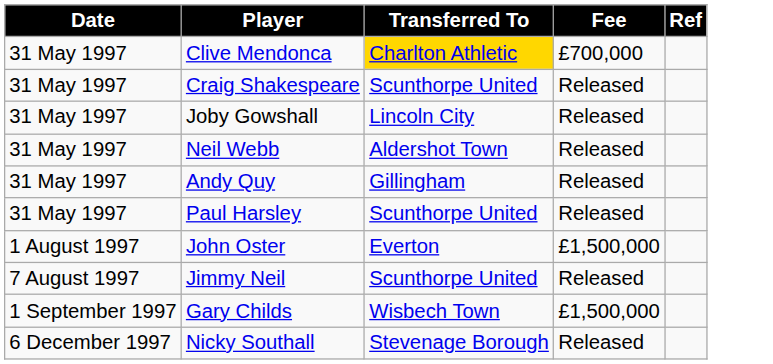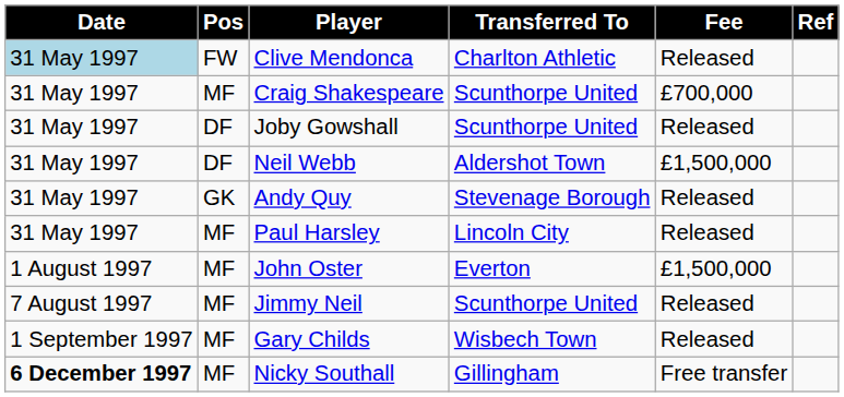 <table class="wikitable plainrowheaders sortable">
 <tr>
 <th style="background:#000000; color:#FFFFFF; ">Date</th>
+<th style="background:#000000; color:#FFFFff; ">Pos</th>
 <th style="background:#000000; color:#FFFFff; ">Player</th>
 <th style="background:#000000; color:#FFFFff; ">Transferred To</th>
 <th style="background:#000000; color:#FFFFff; ">Fee</th>
 <th style="background:#000000; color:#FFFFff; ">Ref</th>
 </tr>
 <tr>
+<td style="background: lightblue;">31 May 1997</td>
+<td>FW</td>
+<td> <a href='#'>Clive Mendonca</a></td>
+<td> <a href='#'>Charlton Athletic</a></td>
+<td>Released</td>
+<td></td>
+</tr>
+<tr>
 <td>31 May 1997</td>
-<td> <a href='#'>Clive Mendonca</a></td>
-<td style="background: gold;"> <a href='#'>Charlton Athletic</a></td>
+<td>MF</td>
+<td> <a href='#'>Craig Shakespeare</a></td>
+<td> <a href='#'>Scunthorpe United</a></td>
 <td>£700,000</td>
 <td></td>
 </tr>
 <tr>
 <td>31 May 1997</td>
-<td> <a href='#'>Craig Shakespeare</a></td>
+<td>DF</td>
+<td> Joby Gowshall</td>
 <td> <a href='#'>Scunthorpe United</a></td>
 <td>Released</td>
 <td></td>
 </tr>
 <tr>
 <td>31 May 1997</td>
-<td> Joby Gowshall</td>
+<td>DF</td>
+<td> <a href='#'>Neil Webb</a></td>
+<td> <a href='#'>Aldershot Town</a></td>
+<td>£1,500,000</td>
+<td></td>
+</tr>
+<tr>
+<td>31 May 1997</td>
+<td>GK</td>
+<td> <a href='#'>Andy Quy</a></td>
+<td> <a href='#'>Stevenage Borough</a></td>
+<td>Released</td>
+<td></td>
+</tr>
+<tr>
+<td>31 May 1997</td>
+<td>MF</td>
+<td> <a href='#'>Paul Harsley</a></td>
 <td> <a href='#'>Lincoln City</a></td>
 <td>Released</td>
 <td></td>
 </tr>
 <tr>
-<td>31 May 1997</td>
-<td> <a href='#'>Neil Webb</a></td>
-<td> <a href='#'>Aldershot Town</a></td>
-<td>Released</td>
-<td></td>
-</tr>
-<tr>
-<td>31 May 1997</td>
-<td> <a href='#'>Andy Quy</a></td>
-<td> <a href='#'>Gillingham</a></td>
-<td>Released</td>
-<td></td>
-</tr>
-<tr>
-<td>31 May 1997</td>
-<td> <a href='#'>Paul Harsley</a></td>
-<td> <a href='#'>Scunthorpe United</a></td>
-<td>Released</td>
-<td></td>
-</tr>
-<tr>
 <td>1 August 1997</td>
+<td>MF</td>
 <td> <a href='#'>John Oster</a></td>
 <td> <a href='#'>Everton</a></td>
 <td>£1,500,000</td>
 <td></td>
 </tr>
 <tr>
 <td>7 August 1997</td>
+<td>MF</td>
 <td> <a href='#'>Jimmy Neil</a></td>
 <td> <a href='#'>Scunthorpe United</a></td>
 <td>Released</td>
 <td></td>
 </tr>
 <tr>
 <td>1 September 1997</td>
+<td>MF</td>
 <td> <a href='#'>Gary Childs</a></td>
 <td> <a href='#'>Wisbech Town</a></td>
-<td>£1,500,000</td>
+<td>Released</td>
 <td></td>
 </tr>
 <tr>
-<td>6 December 1997</td>
+<td><strong>6 December 1997</strong></td>
+<td>MF</td>
 <td> <a href='#'>Nicky Southall</a></td>
-<td> <a href='#'>Stevenage Borough</a></td>
-<td>Released</td>
+<td> <a href='#'>Gillingham</a></td>
+<td>Free transfer</td>
 <td></td>
 </tr>
 </table>
